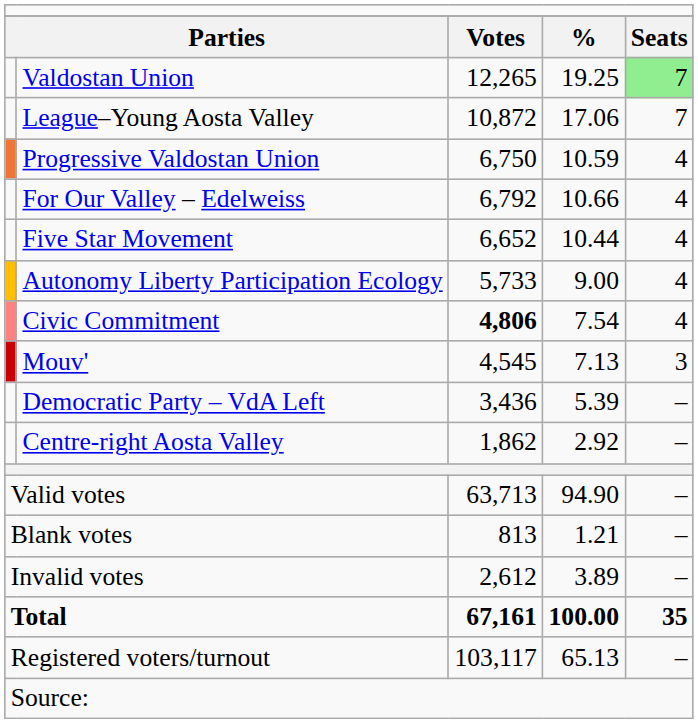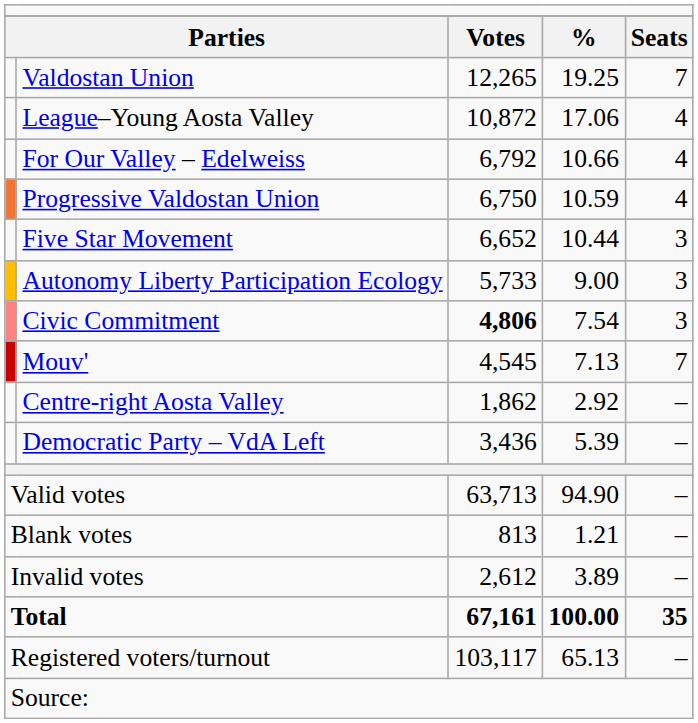 <table class="wikitable">
 <tr>
 <td colspan=5></td>
 </tr>
 <tr>
 </tr>
 <tr style="background-color:#E9E9E9;">
 <th colspan="2">Parties</th>
 <th>Votes</th>
 <th>%</th>
 <th>Seats</th>
 </tr>
 <tr>
 <td style="background-color:"></td>
 <td><a href='#'>Valdostan Union</a></td>
 <td align=right>12,265</td>
 <td align=right>19.25</td>
-<td align=right style="background: lightgreen;">7</td>
+<td align=right>7</td>
 </tr>
 <tr>
 <td></td>
 <td style="text-align:left;"><a href='#'>League</a>–Young Aosta Valley</td>
 <td align=right>10,872</td>
 <td align=right>17.06</td>
-<td align=right>7</td>
-</tr>
-<tr>
-<td bgcolor="#F07636"></td>
-<td><a href='#'>Progressive Valdostan Union</a></td>
-<td align="right">6,750</td>
-<td align="right">10.59</td>
 <td align="right">4</td>
 </tr>
 <tr>
 <td></td>
 <td><a href='#'>For Our Valley</a> – <a href='#'>Edelweiss</a></td>
 <td align=right>6,792</td>
 <td align=right>10.66</td>
 <td align=right>4</td>
 </tr>
 <tr>
+<td bgcolor="#F07636"></td>
+<td><a href='#'>Progressive Valdostan Union</a></td>
+<td align="right">6,750</td>
+<td align="right">10.59</td>
+<td align="right">4</td>
+</tr>
+<tr>
 <td style="background-color:"></td>
 <td><a href='#'>Five Star Movement</a></td>
 <td align="right">6,652</td>
 <td align="right">10.44</td>
-<td align="right">4</td>
+<td align=right>3</td>
 </tr>
 <tr>
 <td bgcolor="#FFBF00"></td>
 <td><a href='#'>Autonomy Liberty Participation Ecology</a></td>
 <td align=right>5,733</td>
 <td align=right>9.00</td>
-<td align="right">4</td>
+<td align=right>3</td>
 </tr>
 <tr>
 <td bgcolor="#FF8282"></td>
 <td style="text-align:left;"><a href='#'>Civic Commitment</a></td>
 <td align=right><strong>4,806</strong></td>
 <td align=right>7.54</td>
-<td align="right">4</td>
+<td align=right>3</td>
 </tr>
 <tr>
 <td bgcolor="#C80000"></td>
 <td style="text-align:left;"><a href='#'>Mouv'</a></td>
 <td align=right>4,545</td>
 <td align=right>7.13</td>
-<td align=right>3</td>
+<td align=right>7</td>
+</tr>
+<tr>
+<td style="background:"></td>
+<td><a href='#'>Centre-right Aosta Valley</a></td>
+<td align=right>1,862</td>
+<td align=right>2.92</td>
+<td align=right>–</td>
 </tr>
 <tr>
 <td></td>
 <td style="text-align:left;"><a href='#'>Democratic Party – VdA Left</a></td>
 <td align=right>3,436</td>
 <td align=right>5.39</td>
-<td align=right>–</td>
-</tr>
-<tr>
-<td style="background:"></td>
-<td><a href='#'>Centre-right Aosta Valley</a></td>
-<td align=right>1,862</td>
-<td align=right>2.92</td>
 <td align=right>–</td>
 </tr>
 <tr>
 <th colspan=5></th>
 </tr>
 <tr>
 <td colspan=2>Valid votes</td>
 <td align=right>63,713</td>
 <td align=right>94.90</td>
 <td align=right>–</td>
 </tr>
 <tr>
 <td colspan=2>Blank votes</td>
 <td align=right>813</td>
 <td align=right>1.21</td>
 <td align=right>–</td>
 </tr>
 <tr>
 <td colspan=2>Invalid votes</td>
 <td align=right>2,612</td>
 <td align=right>3.89</td>
 <td align=right>–</td>
 </tr>
 <tr>
 <td colspan=2><strong>Total</strong></td>
 <td align=right><strong>67,161</strong></td>
 <td align=right><strong>100.00</strong></td>
 <td align=right><strong>35</strong></td>
 </tr>
 <tr>
 <td colspan=2>Registered voters/turnout</td>
 <td align=right>103,117</td>
 <td align=right>65.13</td>
 <td align=right>–</td>
 </tr>
 <tr>
 <td colspan=5>Source: </td>
 </tr>
 </table>
